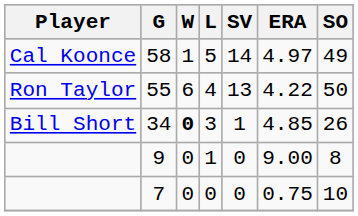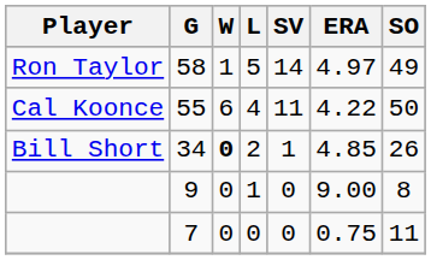 <table class="wikitable sortable">
 <tr>
 <th>Player</th>
 <th>G</th>
 <th>W</th>
 <th>L</th>
 <th>SV</th>
 <th>ERA</th>
 <th>SO</th>
 </tr>
 <tr align="center">
-<td><a href='#'>Cal Koonce</a></td>
+<td><a href='#'>Ron Taylor</a></td>
 <td>58</td>
 <td>1</td>
 <td>5</td>
 <td>14</td>
 <td>4.97</td>
 <td>49</td>
 </tr>
 <tr align=center>
-<td><a href='#'>Ron Taylor</a></td>
+<td><a href='#'>Cal Koonce</a></td>
 <td>55</td>
 <td>6</td>
 <td>4</td>
-<td>13</td>
+<td>11</td>
 <td>4.22</td>
 <td>50</td>
 </tr>
 <tr align=center>
 <td><a href='#'>Bill Short</a></td>
 <td>34</td>
 <td><strong>0</strong></td>
-<td>3</td>
+<td>2</td>
 <td>1</td>
 <td>4.85</td>
 <td>26</td>
 </tr>
 <tr align=center>
 <td></td>
 <td>9</td>
 <td>0</td>
 <td>1</td>
 <td>0</td>
 <td>9.00</td>
 <td>8</td>
 </tr>
 <tr align="center">
 <td></td>
 <td>7</td>
 <td>0</td>
 <td>0</td>
 <td>0</td>
 <td>0.75</td>
-<td>10</td>
+<td>11</td>
 </tr>
 <tr align="center">
 </tr>
 </table>
